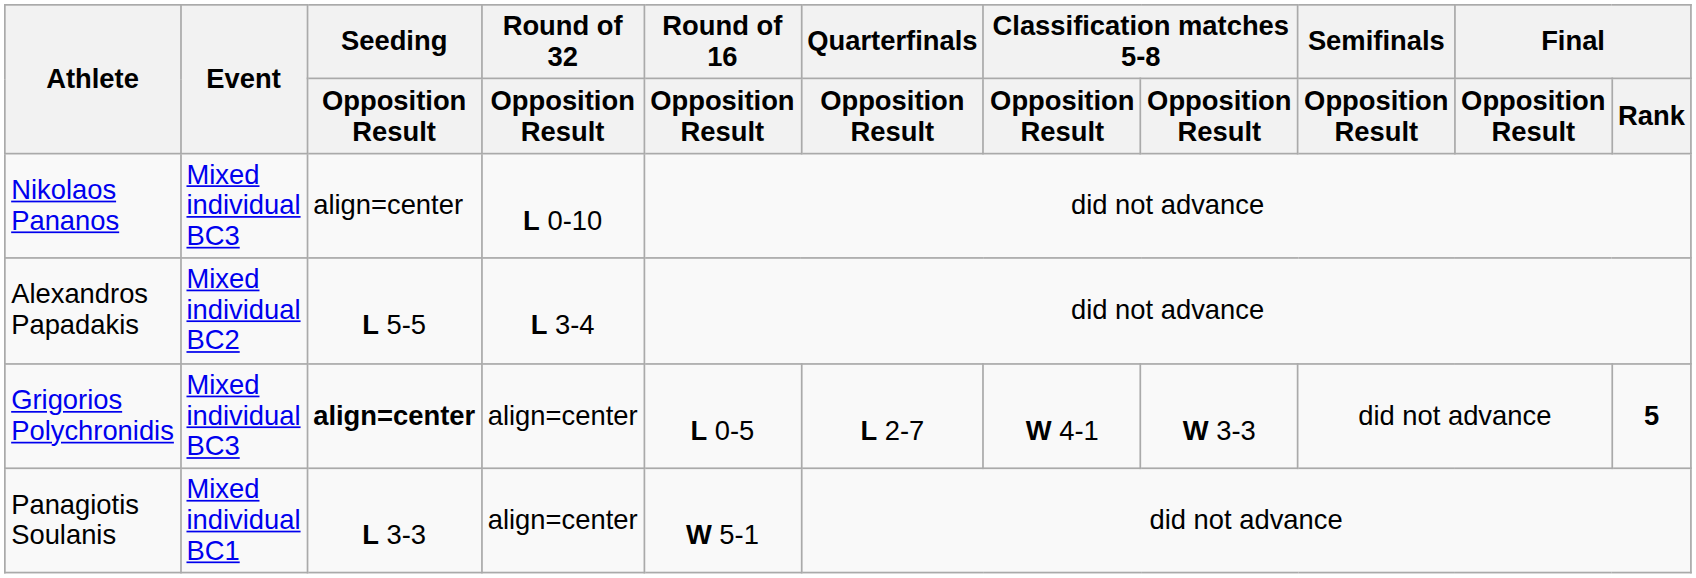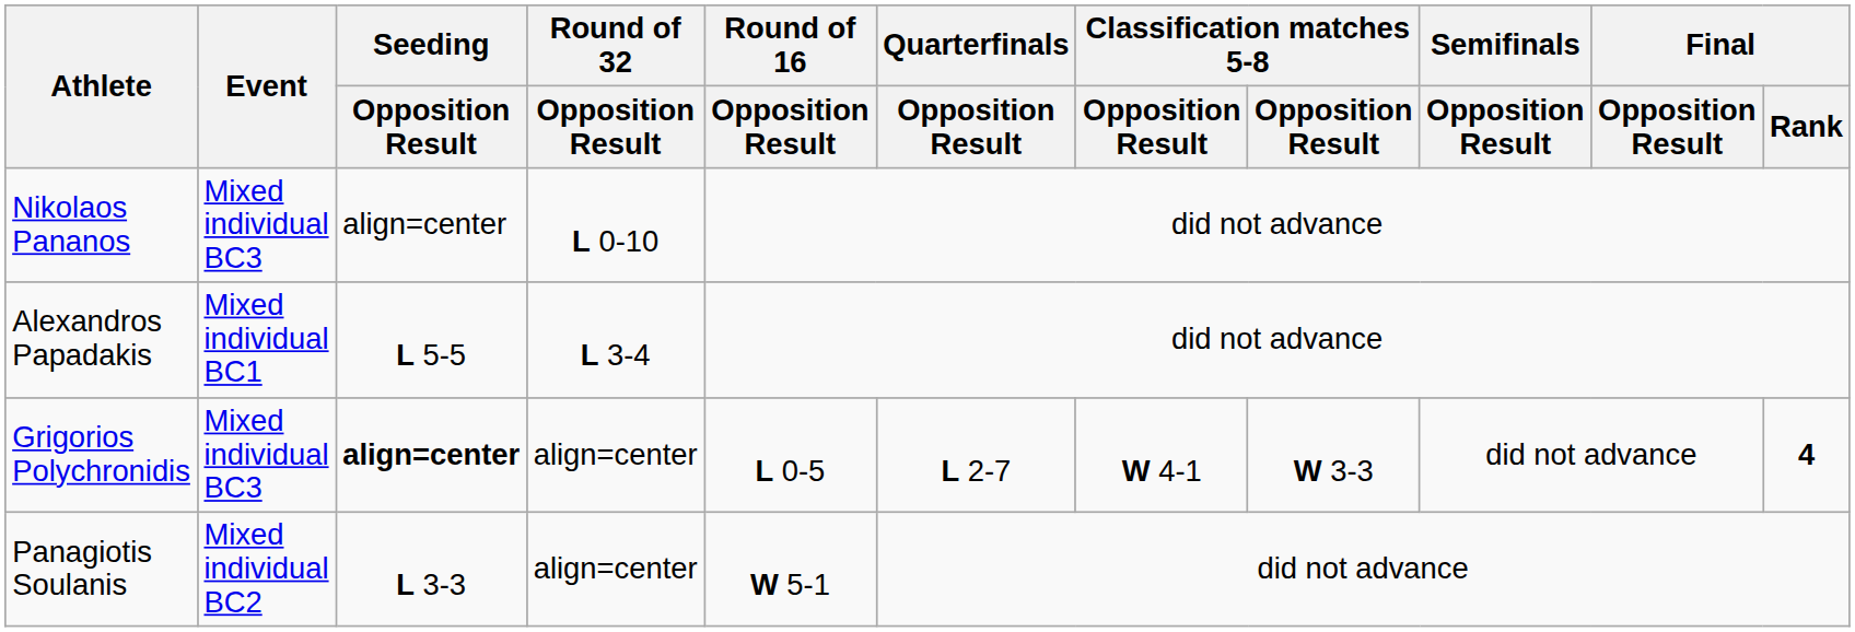 <table class="wikitable">
 <tr>
 <th rowspan="2">Athlete</th>
 <th rowspan="2">Event</th>
 <th>Seeding</th>
 <th>Round of 32</th>
 <th>Round of 16</th>
 <th>Quarterfinals</th>
 <th colspan=2>Classification matches 5-8</th>
 <th>Semifinals</th>
 <th colspan="2">Final</th>
 </tr>
 <tr>
 <th>Opposition<br>Result</th>
 <th>Opposition<br>Result</th>
 <th>Opposition<br>Result</th>
 <th>Opposition<br>Result</th>
 <th>Opposition<br>Result</th>
 <th>Opposition<br>Result</th>
 <th>Opposition<br>Result</th>
 <th>Opposition<br>Result</th>
 <th>Rank</th>
 </tr>
 <tr>
 <td><a href='#'>Nikolaos Pananos</a></td>
 <td><a href='#'>Mixed individual BC3</a></td>
 <td>align=center </td>
 <td align=center><br><strong>L</strong> 0-10</td>
 <td align=center colspan=7>did not advance</td>
 </tr>
 <tr>
 <td>Alexandros Papadakis</td>
-<td><a href='#'>Mixed individual BC2</a></td>
+<td><a href='#'>Mixed individual BC1</a></td>
 <td align=center><br><strong>L</strong> 5-5</td>
 <td align=center><br><strong>L</strong> 3-4</td>
 <td align=center colspan=7>did not advance</td>
 </tr>
 <tr>
 <td><a href='#'>Grigorios Polychronidis</a></td>
 <td><a href='#'>Mixed individual BC3</a></td>
 <td><strong>align=center </strong></td>
 <td>align=center </td>
 <td align=center><br><strong>L</strong> 0-5</td>
 <td align=center><br><strong>L</strong> 2-7</td>
 <td align=center><br><strong>W</strong> 4-1</td>
 <td align=center><br><strong>W</strong> 3-3</td>
 <td align=center colspan=2>did not advance</td>
-<td align=center><strong>5</strong></td>
+<td align=center><strong>4</strong></td>
 </tr>
 <tr>
 <td>Panagiotis Soulanis</td>
-<td><a href='#'>Mixed individual BC1</a></td>
+<td><a href='#'>Mixed individual BC2</a></td>
 <td align=center><br><strong>L</strong> 3-3</td>
 <td>align=center </td>
 <td align=center><br><strong>W</strong> 5-1</td>
 <td align=center colspan=7>did not advance</td>
 </tr>
 </table>
